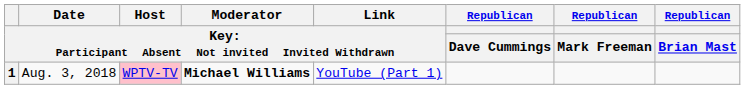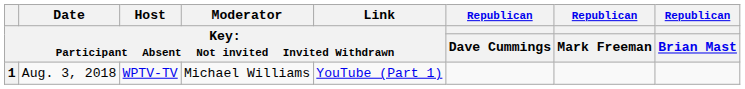 <table class="wikitable" style="text-align:center;">
 <tr>
 <th scope="col"></th>
 <th scope="col">Date</th>
 <th scope="col">Host</th>
 <th scope="col">Moderator</th>
 <th scope="col">Link</th>
 <th scope="col"><small><a href='#'>Republican</a></small></th>
 <th scope="col"><small><a href='#'>Republican</a></small></th>
 <th scope="col"><small><a href='#'>Republican</a></small></th>
 </tr>
 <tr>
 <th colspan="5" rowspan="2">Key:<br> <small>Participant </small>  <small>Absent </small>  <small>Not invited </small>  <small>Invited  Withdrawn</small></th>
 <th scope="col" style="background:"></th>
 <th scope="col" style="background:"></th>
 <th scope="col" style="background:"></th>
 </tr>
 <tr>
 <th scope="col">Dave Cummings</th>
 <th scope="col">Mark Freeman</th>
 <th scope="col"><a href='#'>Brian Mast</a></th>
 </tr>
 <tr>
 <th>1</th>
 <td style="white-space:nowrap;">Aug. 3, 2018</td>
-<td style="background: pink; white-space:nowrap;"><a href='#'>WPTV-TV</a></td>
-<td style="white-space:nowrap;"><strong>Michael Williams</strong></td>
+<td style="white-space:nowrap;"><a href='#'>WPTV-TV</a></td>
+<td style="white-space:nowrap;">Michael Williams</td>
 <td style="white-space:nowrap;"><a href='#'>YouTube (Part 1)</a><br></td>
 <td></td>
 <td></td>
 <td></td>
 </tr>
 </table>
